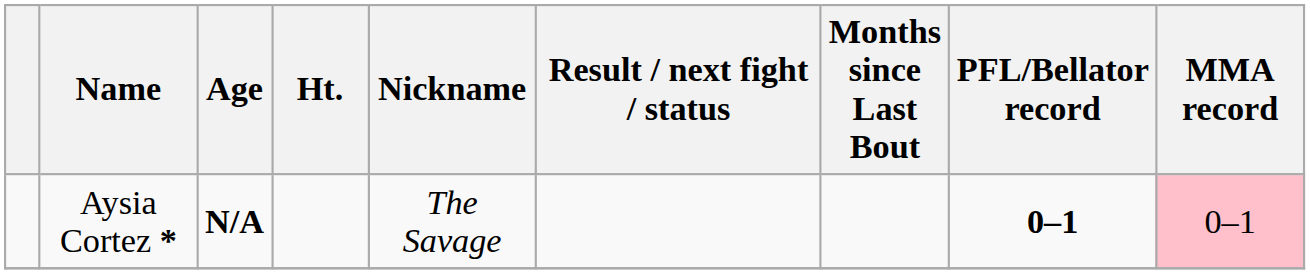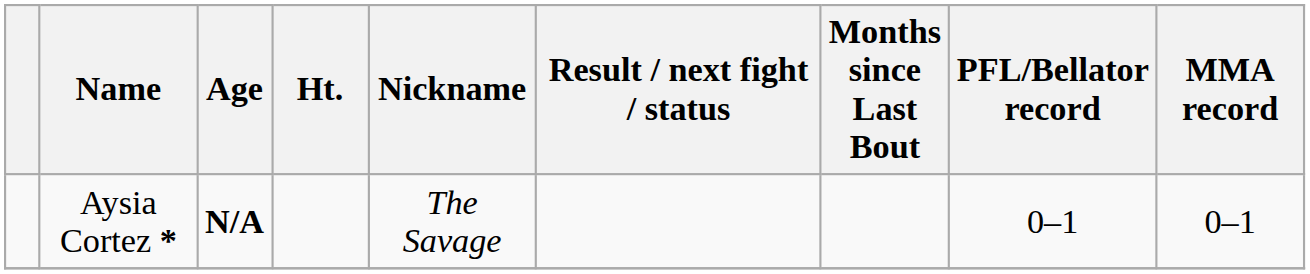 <table class="wikitable sortable" style="text-align:center">
 <tr>
 <th width=3%></th>
 <th width=13%>Name</th>
 <th width=3%>Age</th>
 <th width=8%>Ht.</th>
 <th width=13%>Nickname</th>
 <th width=25%>Result / next fight / status</th>
 <th width=5%>Months since Last Bout</th>
 <th width="12%">PFL/Bellator record</th>
 <th width="12%">MMA record</th>
 </tr>
 <tr>
 <td></td>
 <td>Aysia Cortez <strong>*</strong></td>
 <td><strong>N/A</strong></td>
 <td></td>
 <td><em>The Savage</em></td>
 <td></td>
 <td></td>
-<td><strong>0–1</strong></td>
-<td style="background: pink;">0–1</td>
+<td>0–1</td>
+<td>0–1</td>
 </tr>
 <tr>
 </tr>
 </table>
